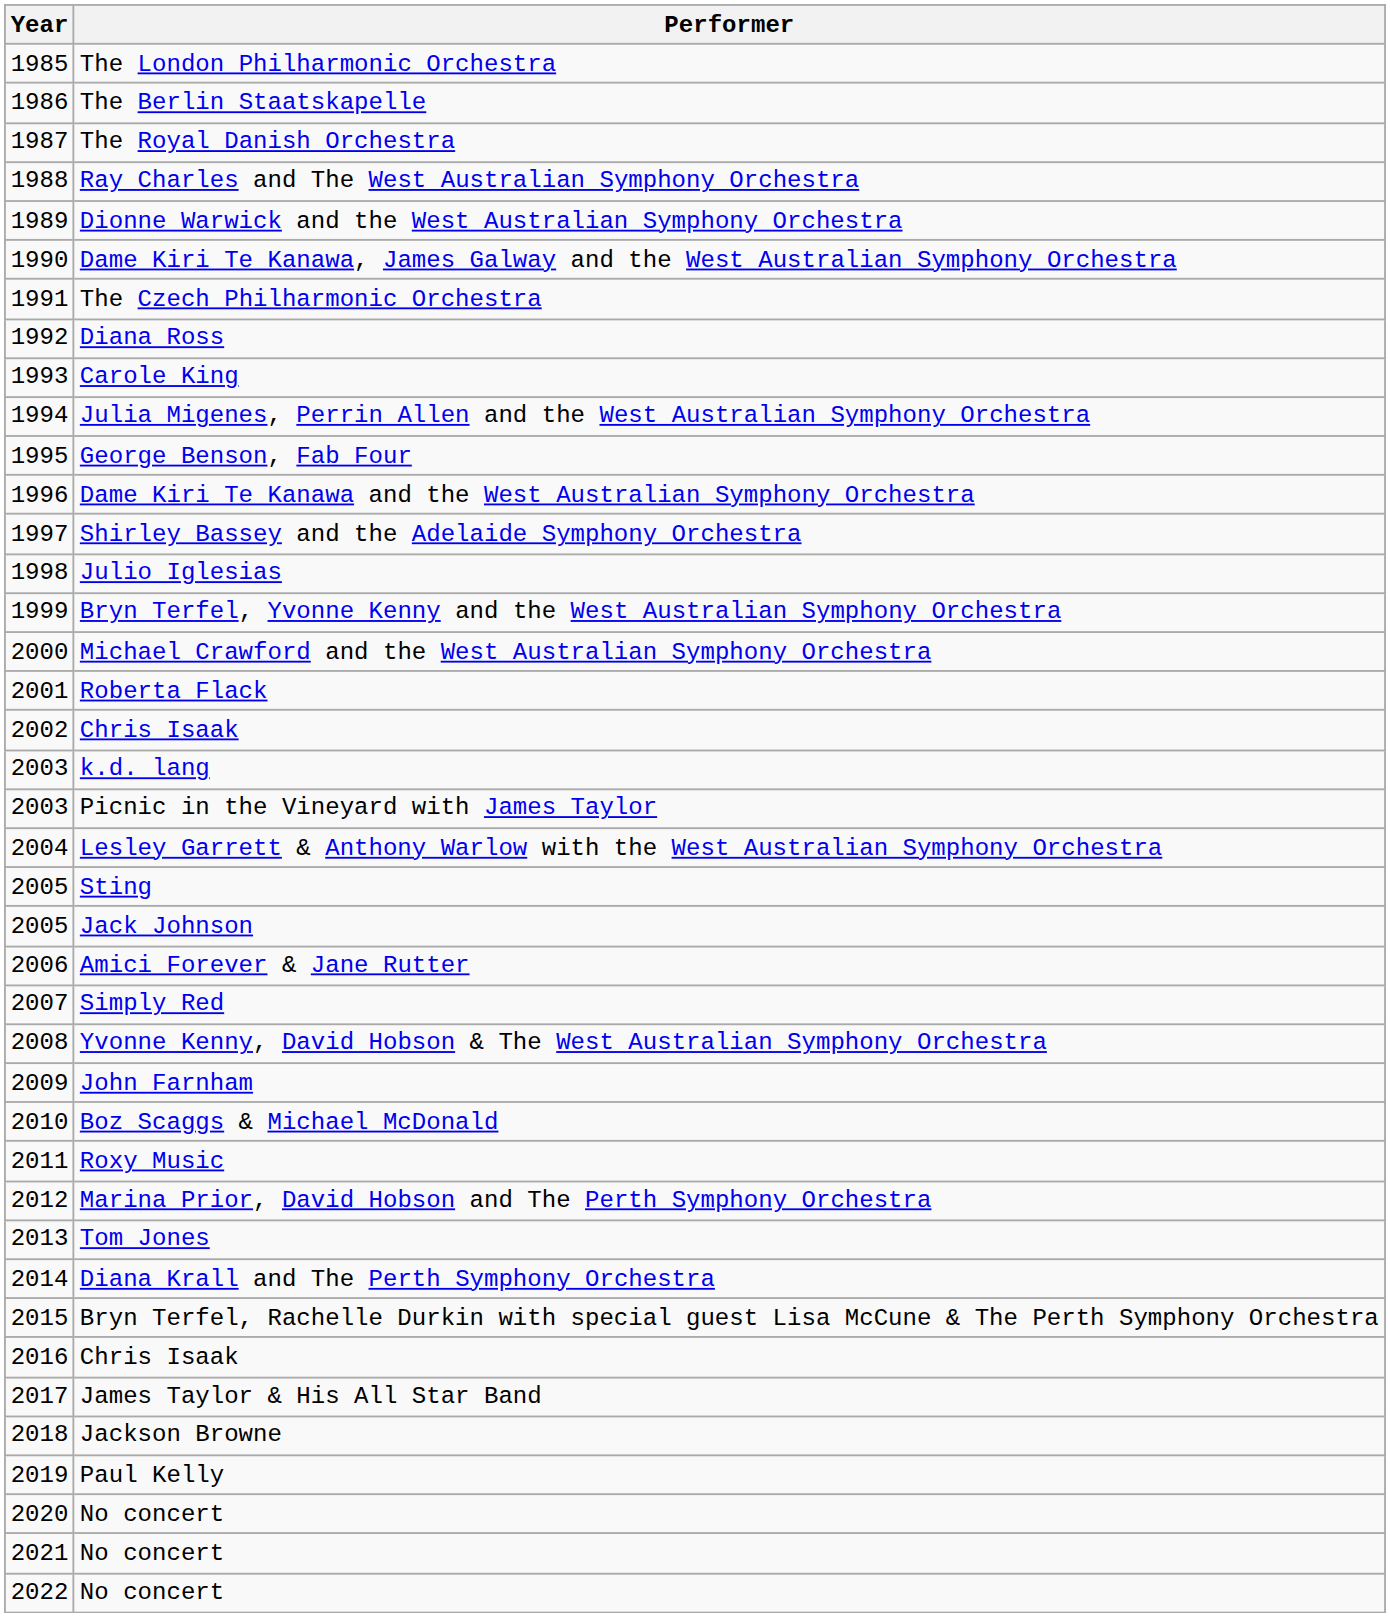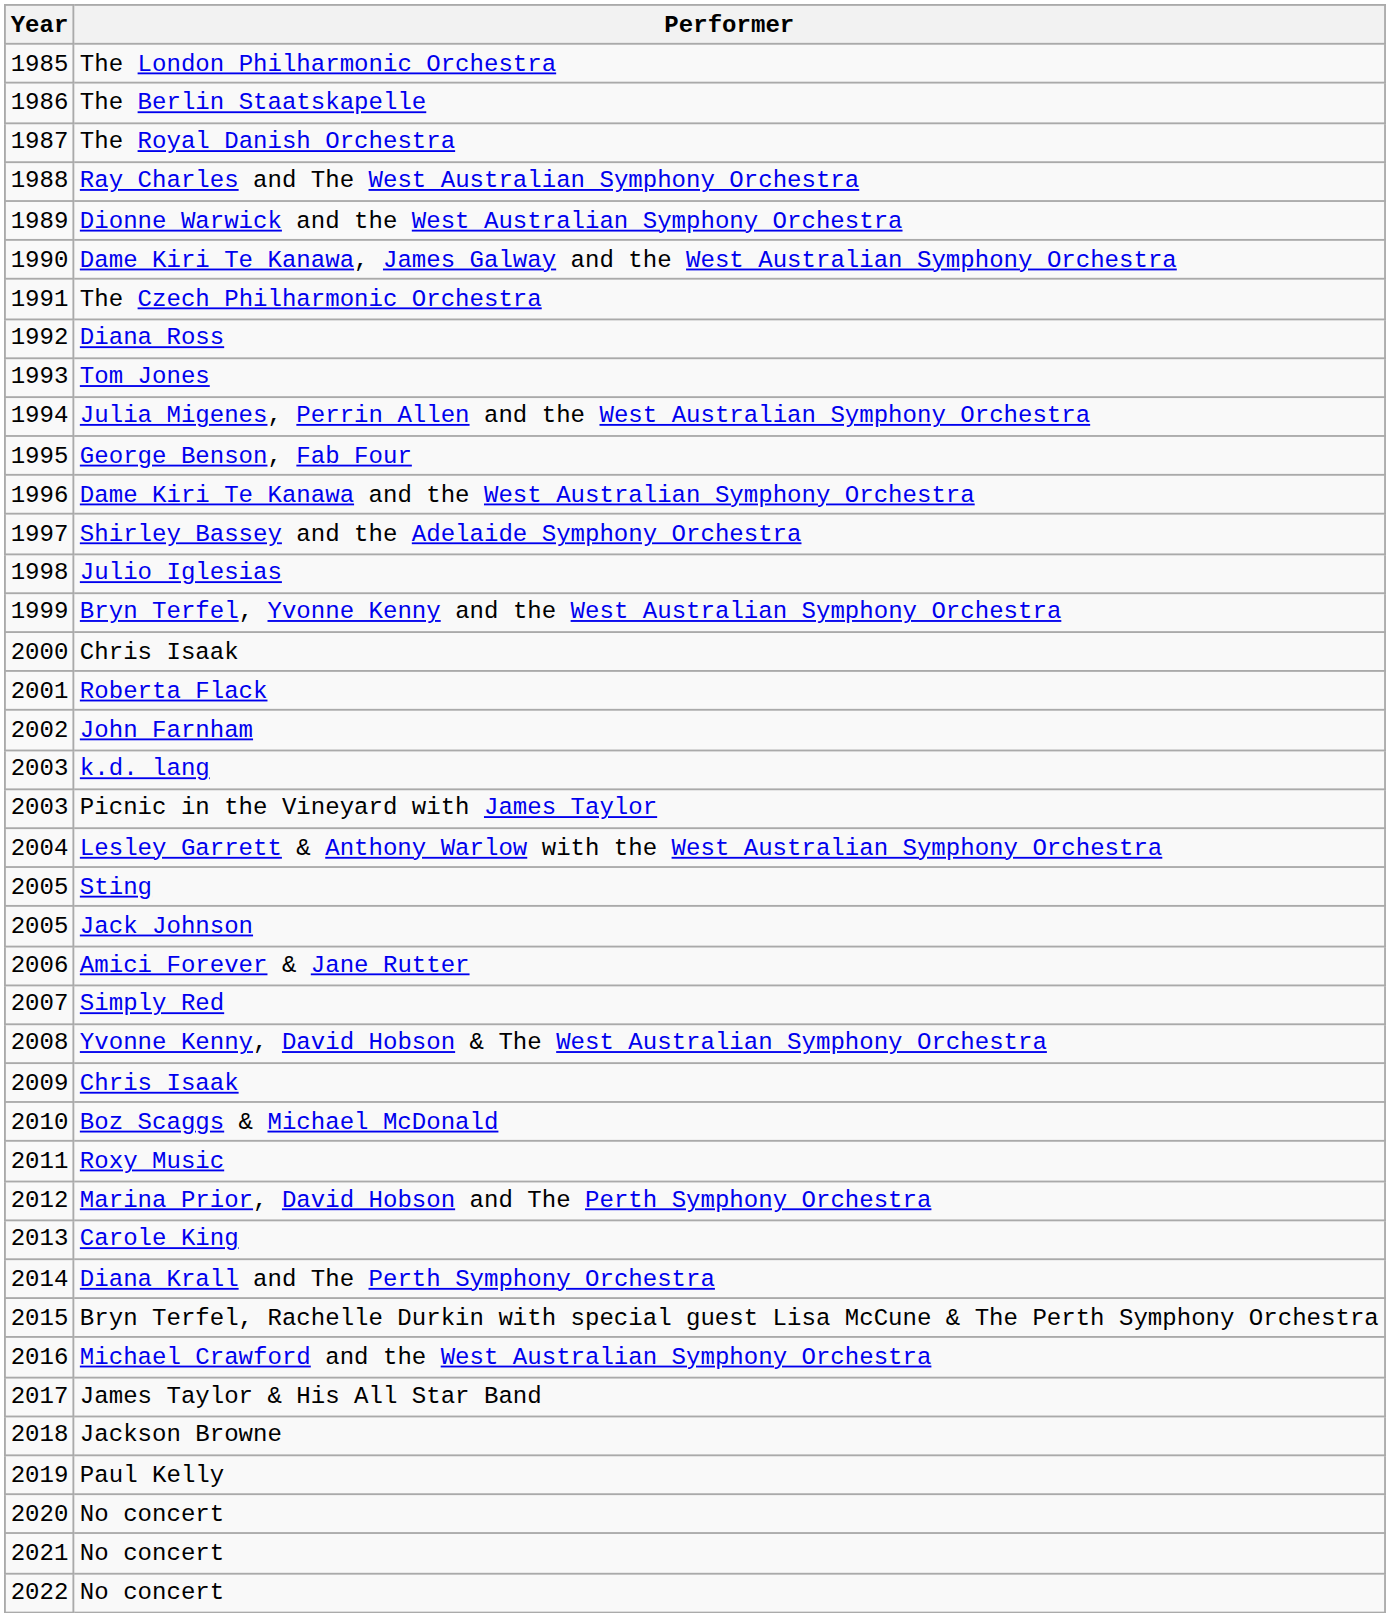 <table class="wikitable">
 <tr>
 <th>Year</th>
 <th>Performer</th>
 </tr>
 <tr>
 <td>1985</td>
 <td>The <a href='#'>London Philharmonic Orchestra</a></td>
 </tr>
 <tr>
 <td>1986</td>
 <td>The <a href='#'>Berlin Staatskapelle</a></td>
 </tr>
 <tr>
 <td>1987</td>
 <td>The <a href='#'>Royal Danish Orchestra</a></td>
 </tr>
 <tr>
 <td>1988</td>
 <td><a href='#'>Ray Charles</a> and The <a href='#'>West Australian Symphony Orchestra</a></td>
 </tr>
 <tr>
 <td>1989</td>
 <td><a href='#'>Dionne Warwick</a> and the <a href='#'>West Australian Symphony Orchestra</a></td>
 </tr>
 <tr>
 <td>1990</td>
 <td><a href='#'>Dame Kiri Te Kanawa</a>, <a href='#'>James Galway</a> and the <a href='#'>West Australian Symphony Orchestra</a></td>
 </tr>
 <tr>
 <td>1991</td>
 <td>The <a href='#'>Czech Philharmonic Orchestra</a></td>
 </tr>
 <tr>
 <td>1992</td>
 <td><a href='#'>Diana Ross</a></td>
 </tr>
 <tr>
 <td>1993</td>
-<td><a href='#'>Carole King</a></td>
+<td><a href='#'>Tom Jones</a></td>
 </tr>
 <tr>
 <td>1994</td>
 <td><a href='#'>Julia Migenes</a>, <a href='#'>Perrin Allen</a> and the <a href='#'>West Australian Symphony Orchestra</a></td>
 </tr>
 <tr>
 <td>1995</td>
 <td><a href='#'>George Benson</a>, <a href='#'>Fab Four</a></td>
 </tr>
 <tr>
 <td>1996</td>
 <td><a href='#'>Dame Kiri Te Kanawa</a> and the <a href='#'>West Australian Symphony Orchestra</a></td>
 </tr>
 <tr>
 <td>1997</td>
 <td><a href='#'>Shirley Bassey</a> and the <a href='#'>Adelaide Symphony Orchestra</a></td>
 </tr>
 <tr>
 <td>1998</td>
 <td><a href='#'>Julio Iglesias</a></td>
 </tr>
 <tr>
 <td>1999</td>
 <td><a href='#'>Bryn Terfel</a>, <a href='#'>Yvonne Kenny</a> and the <a href='#'>West Australian Symphony Orchestra</a></td>
 </tr>
 <tr>
 <td>2000</td>
-<td><a href='#'>Michael Crawford</a> and the <a href='#'>West Australian Symphony Orchestra</a></td>
+<td>Chris Isaak</td>
 </tr>
 <tr>
 <td>2001</td>
 <td><a href='#'>Roberta Flack</a></td>
 </tr>
 <tr>
 <td>2002</td>
-<td><a href='#'>Chris Isaak</a></td>
+<td><a href='#'>John Farnham</a></td>
 </tr>
 <tr>
 <td>2003</td>
 <td><a href='#'>k.d. lang</a></td>
 </tr>
 <tr>
 <td>2003</td>
 <td>Picnic in the Vineyard with <a href='#'>James Taylor</a></td>
 </tr>
 <tr>
 <td>2004</td>
 <td><a href='#'>Lesley Garrett</a> & <a href='#'>Anthony Warlow</a> with the <a href='#'>West Australian Symphony Orchestra</a></td>
 </tr>
 <tr>
 <td>2005</td>
 <td><a href='#'>Sting</a></td>
 </tr>
 <tr>
 <td>2005</td>
 <td><a href='#'>Jack Johnson</a></td>
 </tr>
 <tr>
 <td>2006</td>
 <td><a href='#'>Amici Forever</a> & <a href='#'>Jane Rutter</a></td>
 </tr>
 <tr>
 <td>2007</td>
 <td><a href='#'>Simply Red</a></td>
 </tr>
 <tr>
 <td>2008</td>
 <td><a href='#'>Yvonne Kenny</a>, <a href='#'>David Hobson</a> & The <a href='#'>West Australian Symphony Orchestra</a></td>
 </tr>
 <tr>
 <td>2009</td>
-<td><a href='#'>John Farnham</a></td>
+<td><a href='#'>Chris Isaak</a></td>
 </tr>
 <tr>
 <td>2010</td>
 <td><a href='#'>Boz Scaggs</a> & <a href='#'>Michael McDonald</a></td>
 </tr>
 <tr>
 <td>2011</td>
 <td><a href='#'>Roxy Music</a></td>
 </tr>
 <tr>
 <td>2012</td>
 <td><a href='#'>Marina Prior</a>, <a href='#'>David Hobson</a> and The <a href='#'>Perth Symphony Orchestra</a></td>
 </tr>
 <tr>
 <td>2013</td>
-<td><a href='#'>Tom Jones</a></td>
+<td><a href='#'>Carole King</a></td>
 </tr>
 <tr>
 <td>2014</td>
 <td><a href='#'>Diana Krall</a> and The <a href='#'>Perth Symphony Orchestra</a></td>
 </tr>
 <tr>
 <td>2015</td>
 <td>Bryn Terfel, Rachelle Durkin with special guest Lisa McCune & The Perth Symphony Orchestra</td>
 </tr>
 <tr>
 <td>2016</td>
-<td>Chris Isaak</td>
+<td><a href='#'>Michael Crawford</a> and the <a href='#'>West Australian Symphony Orchestra</a></td>
 </tr>
 <tr>
 <td>2017</td>
 <td>James Taylor & His All Star Band</td>
 </tr>
 <tr>
 <td>2018</td>
 <td>Jackson Browne</td>
 </tr>
 <tr>
 <td>2019</td>
 <td>Paul Kelly</td>
 </tr>
 <tr>
 <td>2020</td>
 <td>No concert</td>
 </tr>
 <tr>
 <td>2021</td>
 <td>No concert</td>
 </tr>
 <tr>
 <td>2022</td>
 <td>No concert</td>
 </tr>
 </table>
